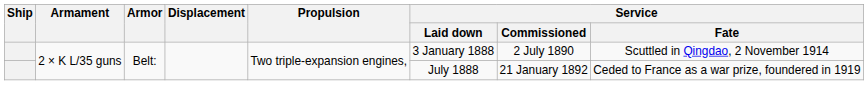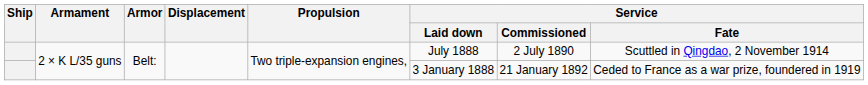 <table class="wikitable plainrowheaders" style="text-align: center;">
 <tr valign="top">
 <th scope="col" rowspan="2">Ship</th>
 <th scope="col" rowspan="2">Armament</th>
 <th scope="col" rowspan="2">Armor</th>
 <th scope="col" rowspan="2">Displacement</th>
 <th scope="col" rowspan="2">Propulsion</th>
 <th scope="col" colspan="3">Service</th>
 </tr>
 <tr valign="top">
 <th scope="col">Laid down</th>
 <th scope="col">Commissioned</th>
 <th scope="col">Fate</th>
 </tr>
 <tr valign="center">
 <th scope="row"></th>
 <td rowspan="2">2 ×  K L/35 guns</td>
 <td rowspan="2">Belt: </td>
 <td rowspan="2"></td>
 <td rowspan="2">Two triple-expansion engines, </td>
-<td>3 January 1888</td>
+<td>July 1888</td>
 <td>2 July 1890</td>
 <td>Scuttled in <a href='#'>Qingdao</a>, 2 November 1914</td>
 </tr>
 <tr valign="center">
 <th scope="row"></th>
-<td>July 1888</td>
+<td>3 January 1888</td>
 <td>21 January 1892</td>
 <td>Ceded to France as a war prize, foundered in 1919</td>
 </tr>
 </table>
